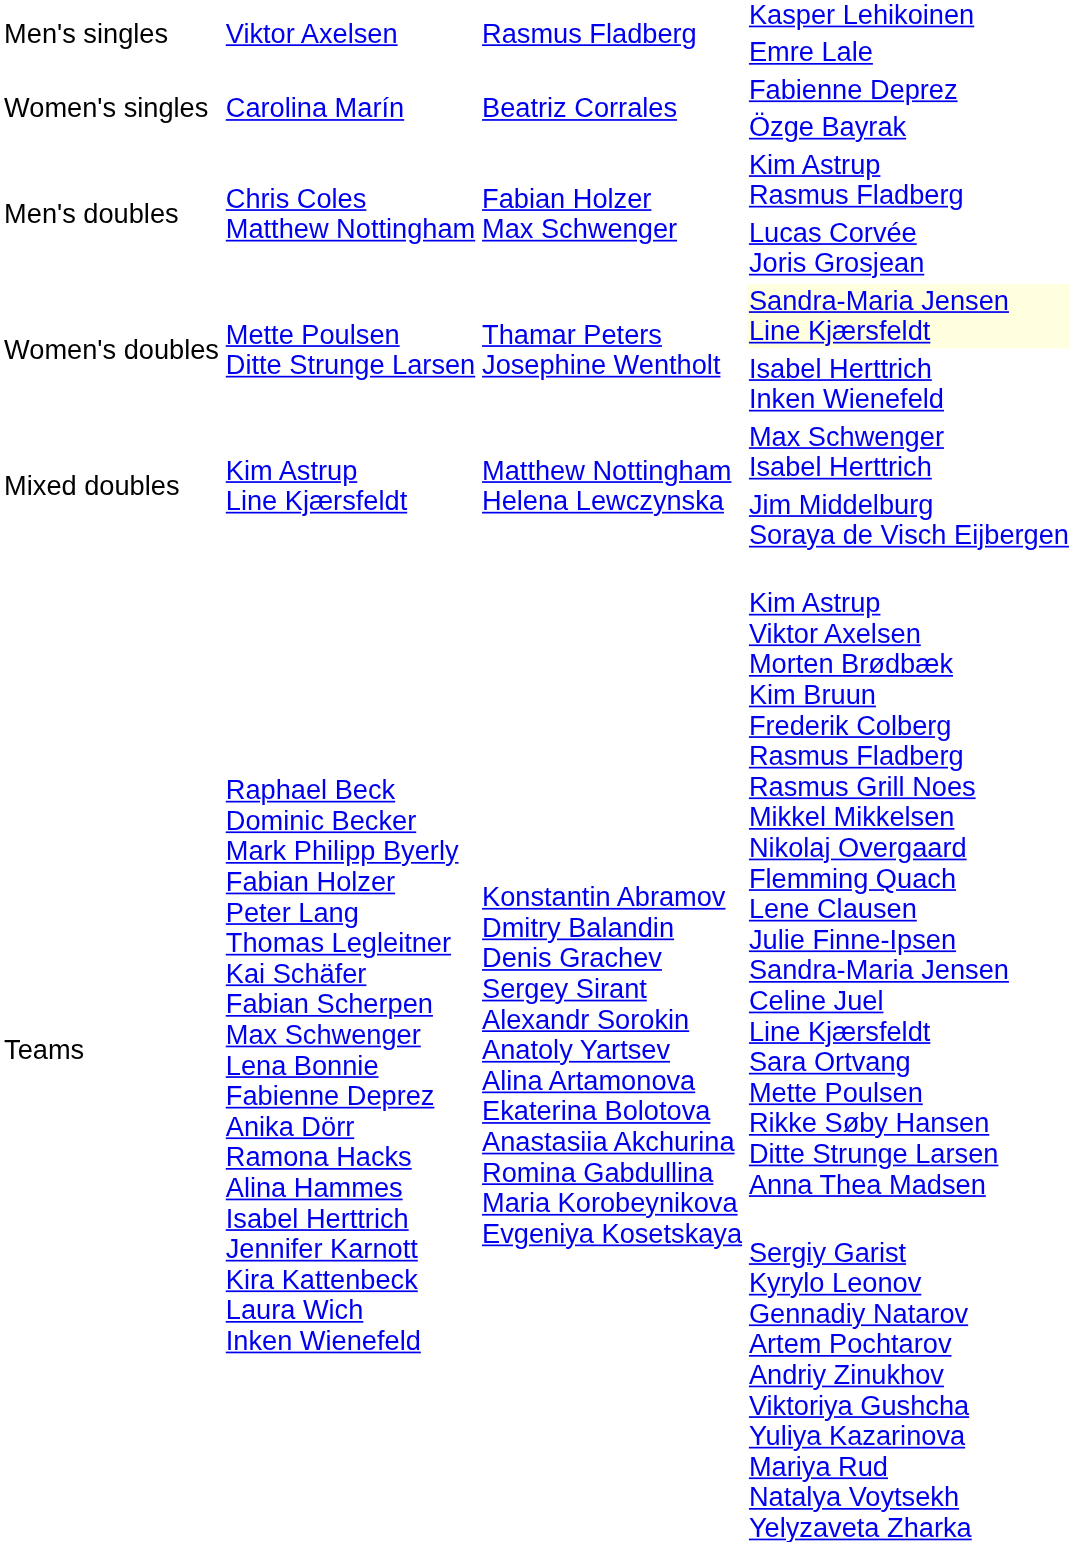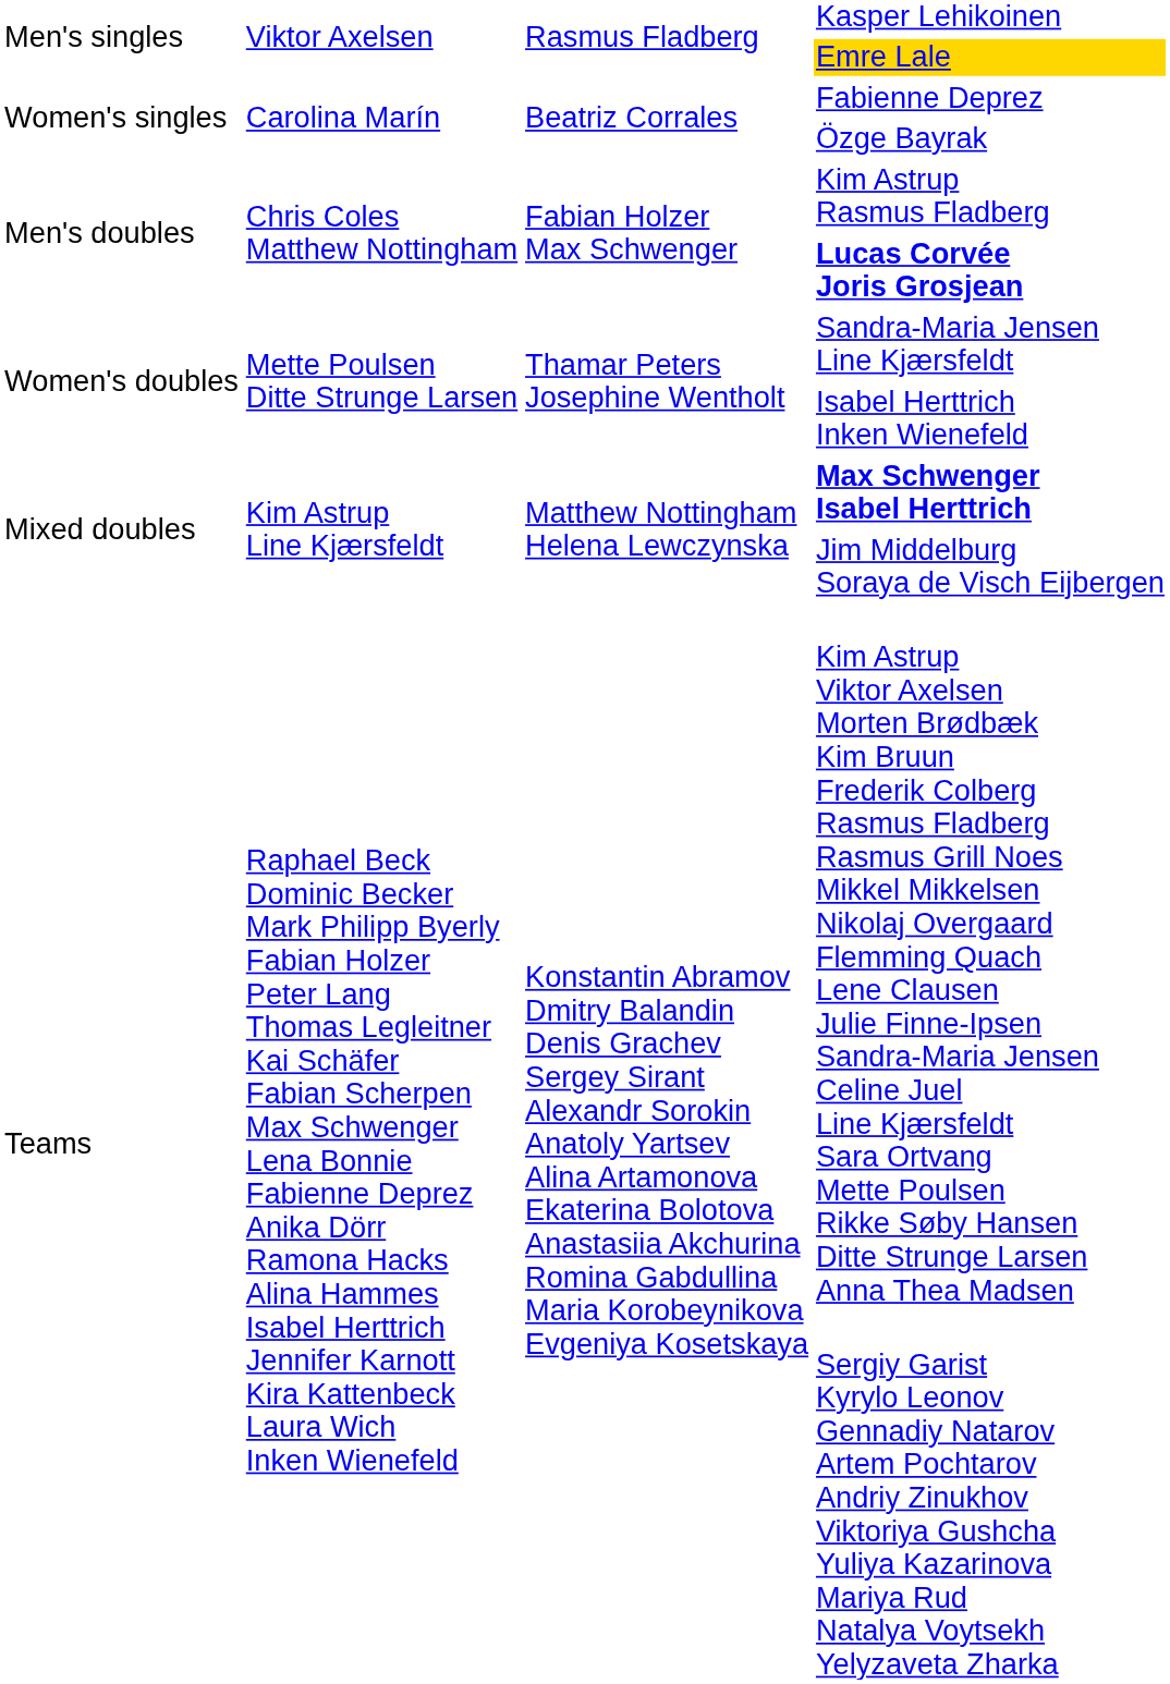 <table>
 <tr>
 <td rowspan=2>Men's singles</td>
 <td rowspan=2> <a href='#'>Viktor Axelsen</a></td>
 <td rowspan=2> <a href='#'>Rasmus Fladberg</a></td>
 <td> <a href='#'>Kasper Lehikoinen</a></td>
 </tr>
 <tr>
-<td> <a href='#'>Emre Lale</a></td>
+<td style="background: gold;"> <a href='#'>Emre Lale</a></td>
 </tr>
 <tr>
 <td rowspan=2>Women's singles</td>
 <td rowspan=2> <a href='#'>Carolina Marín</a></td>
 <td rowspan=2> <a href='#'>Beatriz Corrales</a></td>
 <td> <a href='#'>Fabienne Deprez</a></td>
 </tr>
 <tr>
 <td> <a href='#'>Özge Bayrak</a></td>
 </tr>
 <tr>
 <td rowspan=2>Men's doubles</td>
 <td rowspan=2> <a href='#'>Chris Coles</a><br> <a href='#'>Matthew Nottingham</a></td>
 <td rowspan=2> <a href='#'>Fabian Holzer</a><br> <a href='#'>Max Schwenger</a></td>
 <td> <a href='#'>Kim Astrup</a><br> <a href='#'>Rasmus Fladberg</a></td>
 </tr>
 <tr>
-<td> <a href='#'>Lucas Corvée</a><br> <a href='#'>Joris Grosjean</a></td>
+<td><strong> <a href='#'>Lucas Corvée</a><br> <a href='#'>Joris Grosjean</a></strong></td>
 </tr>
 <tr>
 <td rowspan=2>Women's doubles</td>
 <td rowspan=2> <a href='#'>Mette Poulsen</a><br> <a href='#'>Ditte Strunge Larsen</a></td>
 <td rowspan=2> <a href='#'>Thamar Peters</a><br> <a href='#'>Josephine Wentholt</a></td>
-<td style="background: lightyellow;"> <a href='#'>Sandra-Maria Jensen</a><br> <a href='#'>Line Kjærsfeldt</a></td>
+<td> <a href='#'>Sandra-Maria Jensen</a><br> <a href='#'>Line Kjærsfeldt</a></td>
 </tr>
 <tr>
 <td> <a href='#'>Isabel Herttrich</a><br> <a href='#'>Inken Wienefeld</a></td>
 </tr>
 <tr>
 <td rowspan=2>Mixed doubles</td>
 <td rowspan=2> <a href='#'>Kim Astrup</a><br> <a href='#'>Line Kjærsfeldt</a></td>
 <td rowspan=2> <a href='#'>Matthew Nottingham</a><br> <a href='#'>Helena Lewczynska</a></td>
-<td> <a href='#'>Max Schwenger</a><br> <a href='#'>Isabel Herttrich</a></td>
+<td><strong> <a href='#'>Max Schwenger</a><br> <a href='#'>Isabel Herttrich</a></strong></td>
 </tr>
 <tr>
 <td> <a href='#'>Jim Middelburg</a><br> <a href='#'>Soraya de Visch Eijbergen</a></td>
 </tr>
 <tr>
 <td rowspan=2>Teams</td>
 <td rowspan=2><br><a href='#'>Raphael Beck</a><br><a href='#'>Dominic Becker</a><br><a href='#'>Mark Philipp Byerly</a><br><a href='#'>Fabian Holzer</a><br><a href='#'>Peter Lang</a><br><a href='#'>Thomas Legleitner</a><br><a href='#'>Kai Schäfer</a><br><a href='#'>Fabian Scherpen</a><br><a href='#'>Max Schwenger</a><br><a href='#'>Lena Bonnie</a><br><a href='#'>Fabienne Deprez</a><br><a href='#'>Anika Dörr</a><br><a href='#'>Ramona Hacks</a><br><a href='#'>Alina Hammes</a><br><a href='#'>Isabel Herttrich</a><br><a href='#'>Jennifer Karnott</a><br><a href='#'>Kira Kattenbeck</a><br><a href='#'>Laura Wich</a><br><a href='#'>Inken Wienefeld</a></td>
 <td rowspan=2><br><a href='#'>Konstantin Abramov</a><br><a href='#'>Dmitry Balandin</a><br><a href='#'>Denis Grachev</a><br><a href='#'>Sergey Sirant</a><br><a href='#'>Alexandr Sorokin</a><br><a href='#'>Anatoly Yartsev</a><br><a href='#'>Alina Artamonova</a><br><a href='#'>Ekaterina Bolotova</a><br><a href='#'>Anastasiia Akchurina</a><br><a href='#'>Romina Gabdullina</a><br><a href='#'>Maria Korobeynikova</a><br><a href='#'>Evgeniya Kosetskaya</a></td>
 <td><br><a href='#'>Kim Astrup</a><br><a href='#'>Viktor Axelsen</a><br><a href='#'>Morten Brødbæk</a><br><a href='#'>Kim Bruun</a><br><a href='#'>Frederik Colberg</a><br><a href='#'>Rasmus Fladberg</a><br><a href='#'>Rasmus Grill Noes</a><br><a href='#'>Mikkel Mikkelsen</a><br><a href='#'>Nikolaj Overgaard</a><br><a href='#'>Flemming Quach</a><br><a href='#'>Lene Clausen</a><br><a href='#'>Julie Finne-Ipsen</a><br><a href='#'>Sandra-Maria Jensen</a><br><a href='#'>Celine Juel</a><br><a href='#'>Line Kjærsfeldt</a><br><a href='#'>Sara Ortvang</a><br><a href='#'>Mette Poulsen</a><br><a href='#'>Rikke Søby Hansen</a><br><a href='#'>Ditte Strunge Larsen</a><br><a href='#'>Anna Thea Madsen</a></td>
 </tr>
 <tr>
 <td><br><a href='#'>Sergiy Garist</a><br><a href='#'>Kyrylo Leonov</a><br><a href='#'>Gennadiy Natarov</a><br><a href='#'>Artem Pochtarov</a><br><a href='#'>Andriy Zinukhov</a><br><a href='#'>Viktoriya Gushcha</a><br><a href='#'>Yuliya Kazarinova</a><br><a href='#'>Mariya Rud</a><br><a href='#'>Natalya Voytsekh</a><br><a href='#'>Yelyzaveta Zharka</a></td>
 </tr>
 </table>
